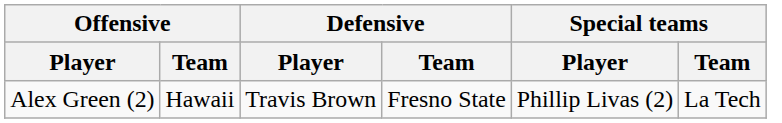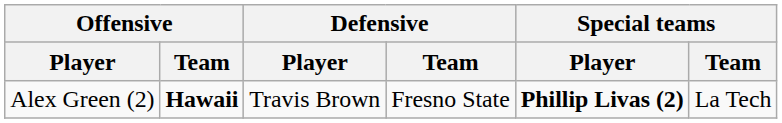 <table class="wikitable">
 <tr>
 <th colspan="2">Offensive</th>
 <th colspan="2">Defensive</th>
 <th colspan="2">Special teams</th>
 </tr>
 <tr>
 <th>Player</th>
 <th>Team</th>
 <th>Player</th>
 <th>Team</th>
 <th>Player</th>
 <th>Team</th>
 </tr>
 <tr>
 <td>Alex Green (2)</td>
-<td>Hawaii</td>
+<td><strong>Hawaii</strong></td>
 <td>Travis Brown</td>
 <td>Fresno State</td>
-<td>Phillip Livas (2)</td>
+<td><strong>Phillip Livas (2)</strong></td>
 <td>La Tech</td>
 </tr>
 </table>
